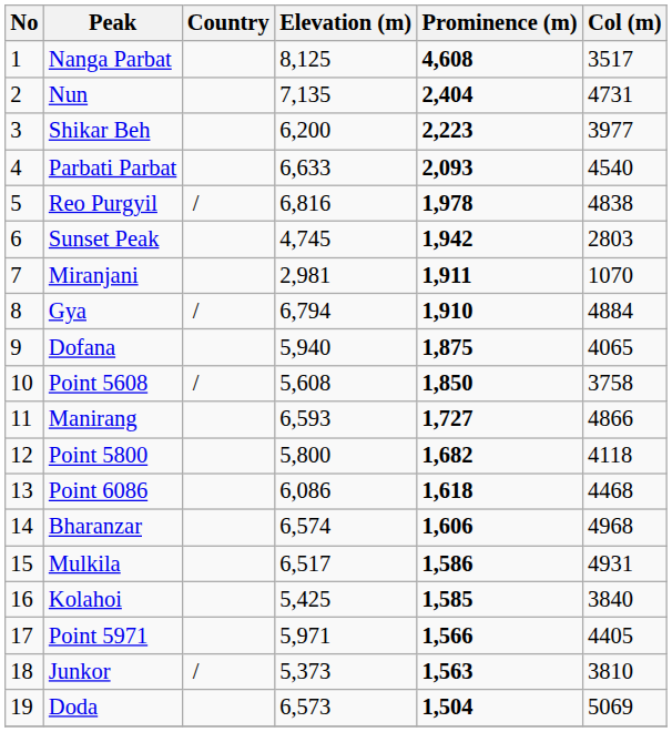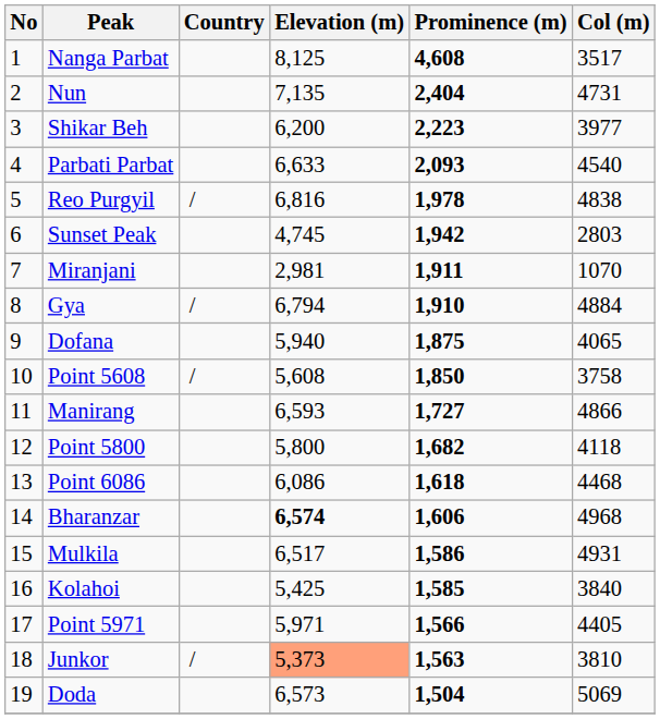 <table class="wikitable sortable">
 <tr>
 <th>No</th>
 <th>Peak</th>
 <th>Country</th>
 <th>Elevation (m)</th>
 <th>Prominence (m)</th>
 <th>Col (m)</th>
 </tr>
 <tr>
 <td>1</td>
 <td><a href='#'>Nanga Parbat</a></td>
 <td></td>
 <td>8,125</td>
 <td><strong>4,608</strong></td>
 <td>3517</td>
 </tr>
 <tr>
 <td>2</td>
 <td><a href='#'>Nun</a></td>
 <td></td>
 <td>7,135</td>
 <td><strong>2,404</strong></td>
 <td>4731</td>
 </tr>
 <tr>
 <td>3</td>
 <td><a href='#'>Shikar Beh</a></td>
 <td></td>
 <td>6,200</td>
 <td><strong>2,223</strong></td>
 <td>3977</td>
 </tr>
 <tr>
 <td>4</td>
 <td><a href='#'>Parbati Parbat</a></td>
 <td></td>
 <td>6,633</td>
 <td><strong>2,093</strong></td>
 <td>4540</td>
 </tr>
 <tr>
 <td>5</td>
 <td><a href='#'>Reo Purgyil</a></td>
 <td> / </td>
 <td>6,816</td>
 <td><strong>1,978</strong></td>
 <td>4838</td>
 </tr>
 <tr>
 <td>6</td>
 <td><a href='#'>Sunset Peak</a></td>
 <td></td>
 <td>4,745</td>
 <td><strong>1,942</strong></td>
 <td>2803</td>
 </tr>
 <tr>
 <td>7</td>
 <td><a href='#'>Miranjani</a></td>
 <td></td>
 <td>2,981</td>
 <td><strong>1,911</strong></td>
 <td>1070</td>
 </tr>
 <tr>
 <td>8</td>
 <td><a href='#'>Gya</a></td>
 <td> / </td>
 <td>6,794</td>
 <td><strong>1,910</strong></td>
 <td>4884</td>
 </tr>
 <tr>
 <td>9</td>
 <td><a href='#'>Dofana</a></td>
 <td></td>
 <td>5,940</td>
 <td><strong>1,875</strong></td>
 <td>4065</td>
 </tr>
 <tr>
 <td>10</td>
 <td><a href='#'>Point 5608</a></td>
 <td> / </td>
 <td>5,608</td>
 <td><strong>1,850</strong></td>
 <td>3758</td>
 </tr>
 <tr>
 <td>11</td>
 <td><a href='#'>Manirang</a></td>
 <td></td>
 <td>6,593</td>
 <td><strong>1,727</strong></td>
 <td>4866</td>
 </tr>
 <tr>
 <td>12</td>
 <td><a href='#'>Point 5800</a></td>
 <td></td>
 <td>5,800</td>
 <td><strong>1,682</strong></td>
 <td>4118</td>
 </tr>
 <tr>
 <td>13</td>
 <td><a href='#'>Point 6086</a></td>
 <td></td>
 <td>6,086</td>
 <td><strong>1,618</strong></td>
 <td>4468</td>
 </tr>
 <tr>
 <td>14</td>
 <td><a href='#'>Bharanzar</a></td>
 <td></td>
-<td>6,574</td>
+<td><strong>6,574</strong></td>
 <td><strong>1,606</strong></td>
 <td>4968</td>
 </tr>
 <tr>
 <td>15</td>
 <td><a href='#'>Mulkila</a></td>
 <td></td>
 <td>6,517</td>
 <td><strong>1,586</strong></td>
 <td>4931</td>
 </tr>
 <tr>
 <td>16</td>
 <td><a href='#'>Kolahoi</a></td>
 <td></td>
 <td>5,425</td>
 <td><strong>1,585</strong></td>
 <td>3840</td>
 </tr>
 <tr>
 <td>17</td>
 <td><a href='#'>Point 5971</a></td>
 <td></td>
 <td>5,971</td>
 <td><strong>1,566</strong></td>
 <td>4405</td>
 </tr>
 <tr>
 <td>18</td>
 <td><a href='#'>Junkor</a></td>
 <td> / </td>
-<td>5,373</td>
+<td style="background: lightsalmon;">5,373</td>
 <td><strong>1,563</strong></td>
 <td>3810</td>
 </tr>
 <tr>
 <td>19</td>
 <td><a href='#'>Doda</a></td>
 <td></td>
 <td>6,573</td>
 <td><strong>1,504</strong></td>
 <td>5069</td>
 </tr>
 <tr>
 </tr>
 </table>
